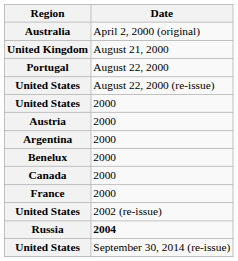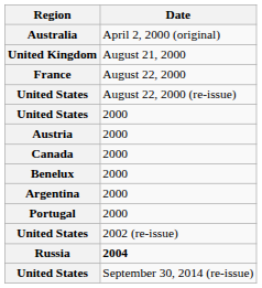 <table class="wikitable plainrowheaders">
 <tr>
 <th scope="col">Region</th>
 <th scope="col">Date</th>
 </tr>
 <tr>
 <th scope="row">Australia</th>
 <td>April 2, 2000 (original)</td>
 </tr>
 <tr>
 <th scope="row">United Kingdom</th>
 <td>August 21, 2000</td>
 </tr>
 <tr>
-<th scope="row">Portugal</th>
+<th scope="row">France</th>
 <td>August 22, 2000</td>
 </tr>
 <tr>
 <th scope="row">United States</th>
 <td>August 22, 2000 (re-issue)</td>
 </tr>
 <tr>
 <th scope="row">United States</th>
 <td>2000</td>
 </tr>
 <tr>
 <th scope="row">Austria</th>
 <td>2000</td>
 </tr>
 <tr>
-<th scope="row">Argentina</th>
+<th scope="row">Canada</th>
 <td>2000</td>
 </tr>
 <tr>
 <th scope="row">Benelux</th>
 <td>2000</td>
 </tr>
 <tr>
-<th scope="row">Canada</th>
+<th scope="row">Argentina</th>
 <td>2000</td>
 </tr>
 <tr>
-<th scope="row">France</th>
+<th scope="row">Portugal</th>
 <td>2000</td>
 </tr>
 <tr>
 <th scope="row">United States</th>
 <td>2002 (re-issue)</td>
 </tr>
 <tr>
 <th scope="row">Russia</th>
 <td><strong>2004</strong></td>
 </tr>
 <tr>
 <th scope="row">United States</th>
 <td>September 30, 2014 (re-issue)</td>
 </tr>
 </table>
